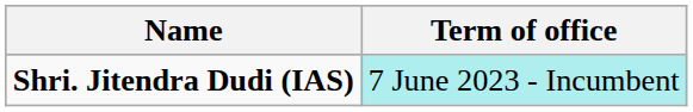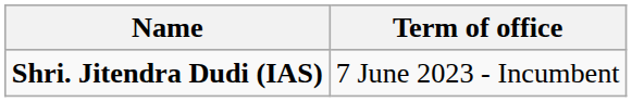 <table class="wikitable">
 <tr>
 <th>Name</th>
 <th>Term of office</th>
 </tr>
 <tr>
 <td><strong>Shri. Jitendra Dudi (IAS)</strong></td>
-<td style="background: paleturquoise;">7 June 2023 - Incumbent</td>
+<td>7 June 2023 - Incumbent</td>
 </tr>
 </table>
